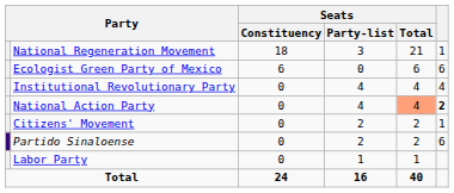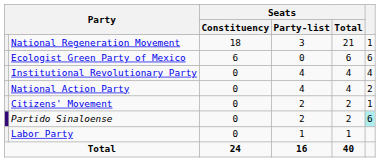 <table class="wikitable" style="text-align:center;">
 <tr>
 <th colspan="2" rowspan="2">Party</th>
 <th colspan="3">Seats</th>
 <th rowspan="2"></th>
 </tr>
 <tr>
 <th style="width:3em"><strong>Constituency</strong></th>
 <th>Party-list</th>
 <th>Total</th>
 </tr>
 <tr>
 <th style="background-color:"></th>
 <td style="text-align:left;"><a href='#'>National Regeneration Movement</a></td>
 <td>18</td>
 <td>3</td>
 <td>21</td>
 <td> 1</td>
 </tr>
 <tr>
 <th style="background-color:"></th>
 <td style="text-align:left;"><a href='#'>Ecologist Green Party of Mexico</a></td>
 <td>6</td>
 <td>0</td>
 <td>6</td>
 <td> 6</td>
 </tr>
 <tr>
 <th style="background-color:"></th>
 <td style="text-align:left;"><a href='#'>Institutional Revolutionary Party</a></td>
 <td>0</td>
 <td>4</td>
 <td>4</td>
 <td> 4</td>
 </tr>
 <tr>
 <th style="background-color:"></th>
 <td style="text-align:left;"><a href='#'>National Action Party</a></td>
 <td>0</td>
 <td>4</td>
-<td style="background: lightsalmon;">4</td>
-<td><strong> 2</strong></td>
+<td>4</td>
+<td> 2</td>
 </tr>
 <tr>
 <th style="background-color:"></th>
 <td style="text-align:left;"><a href='#'>Citizens' Movement</a></td>
 <td>0</td>
 <td>2</td>
 <td>2</td>
 <td> 1</td>
 </tr>
 <tr>
 <th style="background-color:#340874;"></th>
 <td style="text-align:left;"><em>Partido Sinaloense</em></td>
 <td>0</td>
 <td>2</td>
 <td>2</td>
-<td> 6</td>
+<td style="background: paleturquoise;"> 6</td>
 </tr>
 <tr>
 <th style="background-color:"></th>
 <td style="text-align:left;"><a href='#'>Labor Party</a></td>
 <td>0</td>
 <td>1</td>
 <td>1</td>
 <td></td>
 </tr>
 <tr>
 <td colspan="2"><strong>Total</strong></td>
 <td><strong>24</strong></td>
 <td><strong>16</strong></td>
 <td><strong>40</strong></td>
 <td></td>
 </tr>
 </table>
